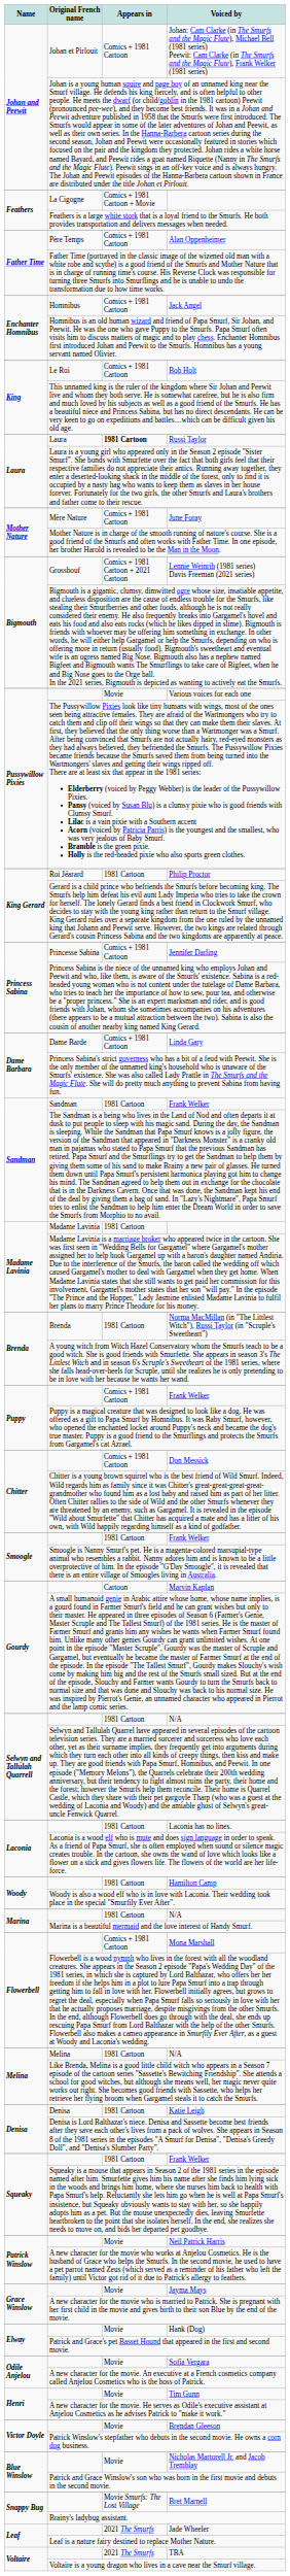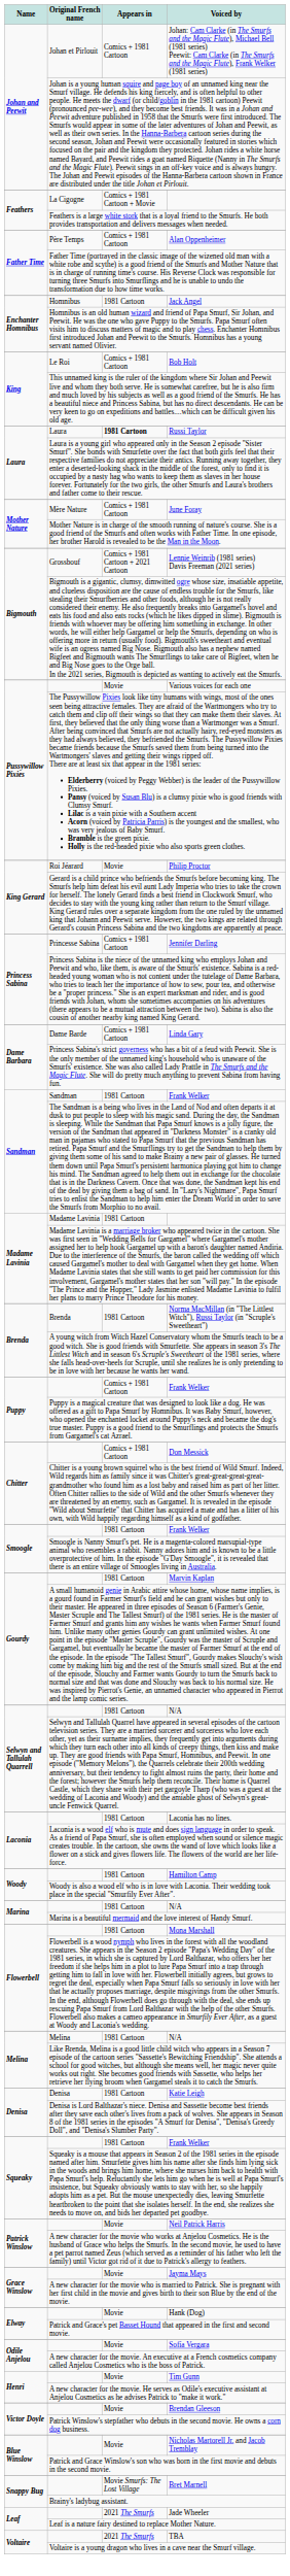 <table class="wikitable">
 <tr>
 <th style="background-color: #C5E4E1">Name</th>
 <th style="background-color: #C5E4E1">Original French name</th>
 <th style="background-color: #C5E4E1">Appears in</th>
 <th style="background-color: #C5E4E1">Voiced by</th>
 </tr>
 <tr>
 <td rowspan="2"><strong><em><a href='#'>Johan and Peewit</a></em></strong></td>
 <td>Johan et Pirlouit</td>
 <td>Comics + 1981 Cartoon</td>
 <td>Johan: <a href='#'>Cam Clarke</a> (in <em><a href='#'>The Smurfs and the Magic Flute</a></em>), <a href='#'>Michael Bell</a> (1981 series)<br>Peewit: <a href='#'>Cam Clarke</a> (in <em><a href='#'>The Smurfs and the Magic Flute</a></em>), <a href='#'>Frank Welker</a> (1981 series)</td>
 </tr>
 <tr>
 <td colspan="3" valign="top">Johan is a young human <a href='#'>squire</a> and <a href='#'>page boy</a> of an unnamed king near the Smurf village. He defends his king fiercely, and is often helpful to other people. He meets the <a href='#'>dwarf</a> (or child/<a href='#'>goblin</a> in the 1981 cartoon) Peewit (pronounced <em>pee-wee</em>), and they become best friends. It was in a <em>Johan and Peewit</em> adventure published in 1958 that the Smurfs were first introduced. The Smurfs would appear in some of the later adventures of Johan and Peewit, as well as their own series. In the <a href='#'>Hanna-Barbera</a> cartoon series during the second season, Johan and Peewit were occasionally featured in stories which focused on the pair and the kingdom they protected. Johan rides a white horse named Bayard, and Peewit rides a goat named Biquette (Nanny in <em>The Smurfs and the Magic Flute</em>). Peewit sings in an off-key voice and is always hungry. The Johan and Peewit episodes of the Hanna-Barbera cartoon shown in France are distributed under the title <em>Johan et Pirlouit</em>.</td>
 </tr>
 <tr>
 </tr>
 <tr>
 <td rowspan="2"><strong><em>Feathers</em></strong></td>
 <td>La Cigogne</td>
 <td>Comics + 1981 Cartoon + Movie</td>
 <td></td>
 </tr>
 <tr>
 <td colspan="3" valign="top">Feathers is a large <a href='#'>white stork</a> that is a loyal friend to the Smurfs. He both provides transportation and delivers messages when needed.</td>
 </tr>
 <tr>
 </tr>
 <tr>
 <td rowspan="2"><strong><em><a href='#'>Father Time</a></em></strong></td>
 <td>Père Temps</td>
 <td>Comics + 1981 Cartoon</td>
 <td><a href='#'>Alan Oppenheimer</a></td>
 </tr>
 <tr>
 <td colspan="3" valign="top">Father Time (portrayed in the classic image of the wizened old man with a white robe and scythe) is a good friend of the Smurfs and Mother Nature that is in charge of running time's course. His Reverse Clock was responsible for turning three Smurfs into Smurflings and he is unable to undo the transformation due to how time works.</td>
 </tr>
 <tr>
 </tr>
 <tr>
 <td rowspan="2"><strong><em>Enchanter Homnibus</em></strong></td>
 <td>Homnibus</td>
-<td>Comics + 1981 Cartoon</td>
+<td>1981 Cartoon</td>
 <td><a href='#'>Jack Angel</a></td>
 </tr>
 <tr>
 <td colspan="3" valign="top">Homnibus is an old human <a href='#'>wizard</a> and friend of Papa Smurf, Sir Johan, and Peewit. He was the one who gave Puppy to the Smurfs. Papa Smurf often visits him to discuss matters of magic and to play <a href='#'>chess</a>. Enchanter Homnibus first introduced Johan and Peewit to the Smurfs. Homnibus has a young servant named Olivier.</td>
 </tr>
 <tr>
 </tr>
 <tr>
 <td rowspan="2"><strong><em><a href='#'>King</a></em></strong></td>
 <td>Le Roi</td>
 <td>Comics + 1981 Cartoon</td>
 <td><a href='#'>Bob Holt</a></td>
 </tr>
 <tr>
 <td colspan="3" valign="top">This unnamed king is the ruler of the kingdom where Sir Johan and Peewit live and whom they both serve. He is somewhat carefree, but he is also firm and much loved by his subjects as well as a good friend of the Smurfs. He has a beautiful niece and Princess Sabina, but has no direct descendants. He can be very keen to go on expeditions and battles....which can be difficult given his old age.</td>
 </tr>
 <tr>
 </tr>
 <tr>
 <td rowspan="2"><strong><em>Laura</em></strong></td>
 <td>Laura</td>
 <td><strong>1981 Cartoon</strong></td>
 <td><a href='#'>Russi Taylor</a></td>
 </tr>
 <tr>
 <td colspan="3" valign="top">Laura is a young girl who appeared only in the Season 2 episode "Sister Smurf". She bonds with Smurfette over the fact that both girls feel that their respective families do not appreciate their antics. Running away together, they enter a deserted-looking shack in the middle of the forest, only to find it is occupied by a nasty hag who wants to keep them as slaves in her house forever. Fortunately for the two girls, the other Smurfs and Laura's brothers and father come to their rescue.</td>
 </tr>
 <tr>
 </tr>
 <tr>
 <td rowspan="2"><strong><em><a href='#'>Mother Nature</a></em></strong></td>
 <td>Mère Nature</td>
 <td>Comics + 1981 Cartoon</td>
 <td><a href='#'>June Foray</a></td>
 </tr>
 <tr>
 <td colspan="3" valign="top">Mother Nature is in charge of the smooth running of nature's course. She is a good friend of the Smurfs and often works with Father Time. In one episode, her brother Harold is revealed to be the <a href='#'>Man in the Moon</a>.</td>
 </tr>
 <tr>
 </tr>
 <tr>
 <td rowspan="2"><strong><em>Bigmouth</em></strong></td>
 <td>Grossbouf</td>
 <td>Comics + 1981 Cartoon + 2021 Cartoon</td>
 <td><a href='#'>Lennie Weinrib</a> (1981 series)<br>Davis Freeman (2021 series)</td>
 </tr>
 <tr>
 <td colspan="3" valign="top">Bigmouth is a gigantic, clumsy, dimwitted <a href='#'>ogre</a> whose size, insatiable appetite, and clueless disposition are the cause of endless trouble for the Smurfs, like stealing their Smurfberries and other foods, although he is not really considered their enemy. He also frequently breaks into Gargamel's hovel and eats his food and also eats rocks (which he likes dipped in slime). Bigmouth is friends with whoever may be offering him something in exchange. In other words, he will either help Gargamel or help the Smurfs, depending on who is offering more in return (usually food). Bigmouth's sweetheart and eventual wife is an ogress named Big Nose. Bigmouth also has a nephew named Bigfeet and Bigmouth wants The Smurflings to take care of Bigfeet, when he and Big Nose goes to the Orge ball.<br>In the 2021 series, Bigmouth is depicted as wanting to actively eat the Smurfs.</td>
 </tr>
 <tr>
 </tr>
 <tr>
 <td rowspan="2"><strong><em>Pussywillow Pixies</em></strong></td>
 <td></td>
 <td>Movie</td>
 <td>Various voices for each one</td>
 </tr>
 <tr>
 <td colspan="3" valign="top">The Pussywillow <a href='#'>Pixies</a> look like tiny humans with wings, most of the ones seen being attractive females. They are afraid of the Wartmongers who try to catch them and clip off their wings so that they can make them their slaves. At first, they believed that the only thing worse than a Wartmonger was a Smurf. After being convinced that Smurfs are not actually hairy, red-eyed monsters as they had always believed, they befriended the Smurfs. The Pussywillow Pixies became friends because the Smurfs saved them from being turned into the Wartmongers' slaves and getting their wings ripped off.<br>There are at least six that appear in the 1981 series:<ul><li><strong>Elderberry</strong> (voiced by Peggy Webber) is the leader of the Pussywillow Pixies.</li><li><strong>Pansy</strong> (voiced by <a href='#'>Susan Blu</a>) is a clumsy pixie who is good friends with Clumsy Smurf.</li><li><strong>Lilac</strong> is a vain pixie with a Southern accent</li><li><strong>Acorn</strong> (voiced by <a href='#'>Patricia Parris</a>) is the youngest and the smallest, who was very jealous of Baby Smurf.</li><li><strong>Bramble</strong> is the green pixie.</li><li><strong>Holly</strong> is the red-headed pixie who also sports green clothes.</li></ul></td>
 </tr>
 <tr>
 </tr>
 <tr>
 <td rowspan="2"><strong><em>King Gerard</em></strong></td>
 <td>Roi Jéarard</td>
-<td>1981 Cartoon</td>
+<td>Movie</td>
 <td><a href='#'>Philip Proctor</a></td>
 </tr>
 <tr>
 <td colspan="3" valign="top">Gerard is a child prince who befriends the Smurfs before becoming king. The Smurfs help him defeat his evil aunt Lady Imperia who tries to take the crown for herself. The lonely Gerard finds a best friend in Clockwork Smurf, who decides to stay with the young king rather than return to the Smurf village. King Gerard rules over a separate kingdom from the one ruled by the unnamed king that Johann and Peewit serve. However, the two kings are related through Gerard's cousin Princess Sabina and the two kingdoms are apparently at peace.</td>
 </tr>
 <tr>
 </tr>
 <tr>
 <td rowspan="2"><strong><em>Princess Sabina</em></strong></td>
 <td>Princesse Sabina</td>
 <td>Comics + 1981 Cartoon</td>
 <td><a href='#'>Jennifer Darling</a></td>
 </tr>
 <tr>
 <td colspan="3" valign="top">Princess Sabina is the niece of the unnamed king who employs Johan and Peewit and who, like them, is aware of the Smurfs' existence. Sabina is a red-headed young woman who is not content under the tutelage of Dame Barbara, who tries to teach her the importance of how to sew, pour tea, and otherwise be a "proper princess." She is an expert marksman and rider, and is good friends with Johan, whom she sometimes accompanies on his adventures (there appears to be a mutual attraction between the two). Sabina is also the cousin of another nearby king named King Gerard.</td>
 </tr>
 <tr>
 </tr>
 <tr>
 <td rowspan="2"><strong><em>Dame Barbara</em></strong></td>
 <td>Dame Barde</td>
 <td>Comics + 1981 Cartoon</td>
 <td><a href='#'>Linda Gary</a></td>
 </tr>
 <tr>
 <td colspan="3" valign="top">Princess Sabina's strict <a href='#'>governess</a> who has a bit of a feud with Peewit. She is the only member of the unnamed king's household who is unaware of the Smurfs' existence. She was also called Lady Prattle in <em><a href='#'>The Smurfs and the Magic Flute</a></em>. She will do pretty much anything to prevent Sabina from having fun.</td>
 </tr>
 <tr>
 <td rowspan="2"><strong><em><a href='#'>Sandman</a></em></strong></td>
 <td>Sandman</td>
 <td>1981 Cartoon</td>
 <td><a href='#'>Frank Welker</a></td>
 </tr>
 <tr>
 <td colspan="3" valign="top">The Sandman is a being who lives in the Land of Nod and often departs it at dusk to put people to sleep with his magic sand. During the day, the Sandman is sleeping. While the Sandman that Papa Smurf knows is a jolly figure, the version of the Sandman that appeared in "Darkness Monster" is a cranky old man in pajamas who stated to Papa Smurf that the previous Sandman has retired. Papa Smurf and the Smurflings try to get the Sandman to help them by giving them some of his sand to make Brainy a new pair of glasses. He turned them down until Papa Smurf's persistent harmonica playing got him to change his mind. The Sandman agreed to help them out in exchange for the chocolate that is in the Darkness Cavern. Once that was done, the Sandman kept his end of the deal by giving them a bag of sand. In "Lazy's Nightmare", Papa Smurf tries to enlist the Sandman to help him enter the Dream World in order to save the Smurfs from Morphio to no avail.</td>
 </tr>
 <tr>
 <td rowspan="2"><strong><em>Madame Lavinia</em></strong></td>
 <td>Madame Lavinia</td>
 <td>1981 Cartoon</td>
 <td></td>
 </tr>
 <tr>
 <td colspan="3" valign="top">Madame Lavinia is a <a href='#'>marriage broker</a> who appeared twice in the cartoon. She was first seen in "Wedding Bells for Gargamel" where Gargamel's mother assigned her to help hook Gargamel up with a baron's daughter named Andiria. Due to the interference of the Smurfs, the baron called the wedding off which caused Gargamel's mother to deal with Gargamel when they get home. When Madame Lavinia states that she still wants to get paid her commission for this involvement, Gargamel's mother states that her son "will pay." In the episode "The Prince and the Hopper," Lady Jasmine enlisted Madame Lavinia to fulfil her plans to marry Prince Theodore for his money.</td>
 </tr>
 <tr>
 </tr>
 <tr>
 <td rowspan="2"><strong><em>Brenda</em></strong></td>
 <td>Brenda</td>
 <td>1981 Cartoon</td>
 <td><a href='#'>Norma MacMillan</a> (in "The Littlest Witch"), <a href='#'>Russi Taylor</a> (in "Scruple's Sweetheart")</td>
 </tr>
 <tr>
 <td colspan="3" valign="top">A young witch from Witch Hazel Conservatory whom the Smurfs teach to be a good witch. She is good friends with Smurfette. She appears in season 3's <em>The Littlest Witch</em> and in season 6's <em>Scruple's Sweetheart</em> of the 1981 series, where she falls head-over-heels for Scruple, until she realizes he is only pretending to be in love with her because he wants her wand.</td>
 </tr>
 <tr>
 </tr>
 <tr>
 <td rowspan="2"><strong><em>Puppy</em></strong></td>
 <td></td>
 <td>Comics + 1981 Cartoon</td>
 <td><a href='#'>Frank Welker</a></td>
 </tr>
 <tr>
 <td colspan="3" valign="top">Puppy is a magical creature that was designed to look like a dog. He was offered as a gift to Papa Smurf by Homnibus. It was Baby Smurf, however, who opened the enchanted locket around Puppy's neck and became the dog's true master. Puppy is a good friend to the Smurflings and protects the Smurfs from Gargamel's cat Azrael.</td>
 </tr>
 <tr>
 </tr>
 <tr>
 <td rowspan="2"><strong><em>Chitter</em></strong></td>
 <td></td>
 <td>Comics + 1981 Cartoon</td>
 <td><a href='#'>Don Messick</a></td>
 </tr>
 <tr>
 <td colspan="3" valign="top">Chitter is a young brown squirrel who is the best friend of Wild Smurf. Indeed, Wild regards him as family since it was Chitter's great-great-great-great-grandmother who found him as a lost baby and raised him as part of her litter. Often Chitter rallies to the side of Wild and the other Smurfs whenever they are threatened by an enemy, such as Gargamel. It is revealed in the episode "Wild about Smurfette" that Chitter has acquired a mate and has a litter of his own, with Wild happily regarding himself as a kind of godfather.</td>
 </tr>
 <tr>
 </tr>
 <tr>
 <td rowspan="2"><strong><em>Smoogle</em></strong></td>
 <td></td>
 <td>1981 Cartoon</td>
 <td><a href='#'>Frank Welker</a></td>
 </tr>
 <tr>
 <td colspan="3" valign="top">Smoogle is Nanny Smurf's pet. He is a magenta-colored marsupial-type animal who resembles a rabbit. Nanny adores him and is known to be a little overprotective of him. In the episode "G'Day Smoogle", it is revealed that there is an entire village of Smoogles living in <a href='#'>Australia</a>.</td>
 </tr>
 <tr>
 </tr>
 <tr>
 <td rowspan="2"><strong><em>Gourdy</em></strong></td>
 <td></td>
-<td>Cartoon</td>
+<td>1981 Cartoon</td>
 <td><a href='#'>Marvin Kaplan</a></td>
 </tr>
 <tr>
 <td colspan="3" valign="top">A small humanoid <a href='#'>genie</a> in Arabic attire whose home, whose name implies, is a gourd found in Farmer Smurf's field and he can grant wishes but only to their master. He appeared in three episodes of Season 6 (Farmer's Genie, Master Scruple and The Tallest Smurf) of the 1981 series. He is the master of Farmer Smurf and grants him any wishes he wants when Farmer Smurf found him. Unlike many other genies Gourdy can grant unlimited wishes. At one point in the episode "Master Scruple", Gourdy was the master of Scruple and Gargamel, but eventually he became the master of Farmer Smurf at the end of the episode. In the episode "The Tallest Smurf", Gourdy makes Slouchy's wish come by making him big and the rest of the Smurfs small sized. But at the end of the episode, Slouchy and Farmer wants Gourdy to turn the Smurfs back to normal size and that was done and Slouchy was back to his normal size. He was inspired by Pierrot's Genie, an unnamed character who appeared in Pierrot and the lamp comic series.</td>
 </tr>
 <tr>
 </tr>
 <tr>
 <td rowspan="2"><strong><em>Selwyn and Tallulah Quarrell</em></strong></td>
 <td></td>
 <td>1981 Cartoon</td>
 <td>N/A</td>
 </tr>
 <tr>
 <td colspan="3" valign="top">Selwyn and Tallulah Quarrel have appeared in several episodes of the cartoon television series. They are a married sorcerer and sorceress who love each other, yet as their surname implies, they frequently get into arguments during which they turn each other into all kinds of creepy things, then kiss and make up. They are good friends with Papa Smurf, Homnibus, and Peewit. In one episode ("Memory Melons"), the Quarrels celebrate their 200th wedding anniversary, but their tendency to fight almost ruins the party, their home and the forest; however the Smurfs help them reconcile. Their home is Quarrel Castle, which they share with their pet gargoyle Tharp (who was a guest at the wedding of Laconia and Woody) and the amiable ghost of Selwyn's great-uncle Fenwick Quarrel.</td>
 </tr>
 <tr>
 </tr>
 <tr>
 <td rowspan="2"><strong><em>Laconia</em></strong></td>
 <td></td>
 <td>1981 Cartoon</td>
 <td>Laconia has no lines.</td>
 </tr>
 <tr>
 <td colspan="3" valign="top">Laconia is a wood <a href='#'>elf</a> who is <a href='#'>mute</a> and does <a href='#'>sign language</a> in order to speak. As a friend of Papa Smurf, she is often employed when sound or silence magic creates trouble. In the cartoon, she owns the wand of love which looks like a flower on a stick and gives flowers life. The flowers of the world are her life-force.</td>
 </tr>
 <tr>
 </tr>
 <tr>
 <td rowspan="2"><strong><em>Woody</em></strong></td>
 <td></td>
 <td>1981 Cartoon</td>
 <td><a href='#'>Hamilton Camp</a></td>
 </tr>
 <tr>
 <td colspan="3" valign="top">Woody is also a wood elf who is in love with Laconia. Their wedding took place in the special "Smurfily Ever After".</td>
 </tr>
 <tr>
 </tr>
 <tr>
 <td rowspan="2"><strong><em>Marina</em></strong></td>
 <td></td>
 <td>1981 Cartoon</td>
 <td>N/A</td>
 </tr>
 <tr>
 <td colspan="3" valign="top">Marina is a beautiful <a href='#'>mermaid</a> and the love interest of Handy Smurf.</td>
 </tr>
 <tr>
 </tr>
 <tr>
 <td rowspan="2"><strong><em>Flowerbell</em></strong></td>
 <td></td>
-<td>Comics + 1981 Cartoon</td>
+<td>1981 Cartoon</td>
 <td><a href='#'>Mona Marshall</a></td>
 </tr>
 <tr>
 <td colspan="3" valign="top">Flowerbell is a wood <a href='#'>nymph</a> who lives in the forest with all the woodland creatures. She appears in the Season 2 episode "Papa's Wedding Day" of the 1981 series, in which she is captured by Lord Balthazar, who offers her her freedom if she helps him in a plot to lure Papa Smurf into a trap through getting him to fall in love with her. Flowerbell initially agrees, but grows to regret the deal, especially when Papa Smurf falls so seriously in love with her that he actually proposes marriage, despite misgivings from the other Smurfs. In the end, although Flowerbell does go through with the deal, she ends up rescuing Papa Smurf from Lord Balthazar with the help of the other Smurfs. Flowerbell also makes a cameo appearance in <em>Smurfily Ever After</em>, as a guest at Woody and Laconia's wedding.</td>
 </tr>
 <tr>
 </tr>
 <tr>
 <td rowspan="2"><strong><em>Melina</em></strong></td>
 <td>Melina</td>
 <td>1981 Cartoon</td>
 <td>N/A</td>
 </tr>
 <tr>
 <td colspan="3" valign="top">Like Brenda, Melina is a good little child witch who appears in a Season 7 episode of the cartoon series "Sassette's Bewitching Friendship". She attends a school for good witches, but although she means well, her magic never quite works out right. She becomes good friends with Sassette, who helps her retrieve her flying broom when Gargamel steals it to catch the Smurfs.</td>
 </tr>
 <tr>
 </tr>
 <tr>
 <td rowspan="2"><strong><em>Denisa</em></strong></td>
 <td>Denisa</td>
 <td>1981 Cartoon</td>
 <td><a href='#'>Katie Leigh</a></td>
 </tr>
 <tr>
 <td colspan="3" valign="top">Denisa is Lord Balthazar's niece. Denisa and Sassette become best friends after they save each other's lives from a pack of wolves. She appears in Season 8 of the 1981 series in the episodes "A Smurf for Denisa", "Denisa's Greedy Doll", and "Denisa's Slumber Party".</td>
 </tr>
 <tr>
 </tr>
 <tr>
 <td rowspan="2"><strong><em>Squeaky</em></strong></td>
 <td></td>
 <td>1981 Cartoon</td>
 <td><a href='#'>Frank Welker</a></td>
 </tr>
 <tr>
 <td colspan="3" valign="top">Squeaky is a mouse that appears in Season 2 of the 1981 series in the episode named after him. Smurfette gives him his name after she finds him lying sick in the woods and brings him home, where she nurses him back to health with Papa Smurf's help. Reluctantly she lets him go when he is well at Papa Smurf's insistence, but Squeaky obviously wants to stay with her, so she happily adopts him as a pet. But the mouse unexpectedly dies, leaving Smurfette heartbroken to the point that she isolates herself. In the end, she realizes she needs to move on, and bids her departed pet goodbye.</td>
 </tr>
 <tr>
 </tr>
 <tr>
 <td rowspan="2"><strong><em>Patrick Winslow</em></strong></td>
 <td></td>
 <td>Movie</td>
 <td><a href='#'>Neil Patrick Harris</a></td>
 </tr>
 <tr>
 <td colspan="3">A new character for the movie who works at Anjelou Cosmetics. He is the husband of Grace who helps the Smurfs. In the second movie, he used to have a pet parrot named Zeus (which served as a reminder of his father who left the family) until Victor got rid of it due to Patrick's allergy to feathers.</td>
 </tr>
 <tr>
 </tr>
 <tr>
 <td rowspan="2"><strong><em>Grace Winslow</em></strong></td>
 <td></td>
 <td>Movie</td>
 <td><a href='#'>Jayma Mays</a></td>
 </tr>
 <tr>
 <td colspan="3">A new character for the movie who is married to Patrick. She is pregnant with her first child in the movie and gives birth to their son Blue by the end of the movie.</td>
 </tr>
 <tr>
 </tr>
 <tr>
 <td rowspan="2"><strong><em>Elway</em></strong></td>
 <td></td>
 <td>Movie</td>
 <td>Hank (Dog)</td>
 </tr>
 <tr>
 <td colspan="3">Patrick and Grace's pet <a href='#'>Basset Hound</a> that appeared in the first and second movie.</td>
 </tr>
 <tr>
 </tr>
 <tr>
 <td rowspan="2"><strong><em>Odile Anjelou</em></strong></td>
 <td></td>
 <td>Movie</td>
 <td><a href='#'>Sofía Vergara</a></td>
 </tr>
 <tr>
 <td colspan="3">A new character for the movie. An executive at a French cosmetics company called Anjelou Cosmetics who is the boss of Patrick.</td>
 </tr>
 <tr>
 <td rowspan="2"><strong><em>Henri</em></strong></td>
 <td></td>
 <td>Movie</td>
 <td><a href='#'>Tim Gunn</a></td>
 </tr>
 <tr>
 <td colspan="3">A new character for the movie. He serves as Odile's executive assistant at Anjelou Cosmetics as he advises Patrick to "make it work."</td>
 </tr>
 <tr>
 </tr>
 <tr>
 <td rowspan="2"><strong><em>Victor Doyle</em></strong></td>
 <td></td>
 <td>Movie</td>
 <td><a href='#'>Brendan Gleeson</a></td>
 </tr>
 <tr>
 <td colspan="3">Patrick Winslow's stepfather who debuts in the second movie. He owns a <a href='#'>corn dog</a> business.</td>
 </tr>
 <tr>
 </tr>
 <tr>
 <td rowspan="2"><strong><em>Blue Winslow</em></strong></td>
 <td></td>
 <td>Movie</td>
 <td><a href='#'>Nicholas Martorell Jr.</a> and <a href='#'>Jacob Tremblay</a></td>
 </tr>
 <tr>
 <td colspan="3">Patrick and Grace Winslow's son who was born in the first movie and debuts in the second movie.</td>
 </tr>
 <tr>
 </tr>
 <tr>
 <td rowspan="2"><strong><em>Snappy Bug</em></strong></td>
 <td></td>
 <td>Movie <em>Smurfs: The Lost Village</em></td>
 <td><a href='#'>Bret Marnell</a></td>
 </tr>
 <tr>
 <td colspan="3">Brainy's ladybug assistant.</td>
 </tr>
 <tr>
 <td rowspan="2"><strong><em>Leaf</em></strong></td>
 <td></td>
 <td>2021 <em><a href='#'>The Smurfs</a></em></td>
 <td>Jade Wheeler</td>
 </tr>
 <tr>
 <td colspan="3">Leaf is a nature fairy destined to replace Mother Nature.</td>
 </tr>
 <tr>
 <td rowspan="2"><strong><em>Voltaire</em></strong></td>
 <td></td>
 <td>2021 <em><a href='#'>The Smurfs</a></em></td>
 <td>TBA</td>
 </tr>
 <tr>
 <td colspan="3" valign="top">Voltaire is a young dragon who lives in a cave near the Smurf village.</td>
 </tr>
 </table>
